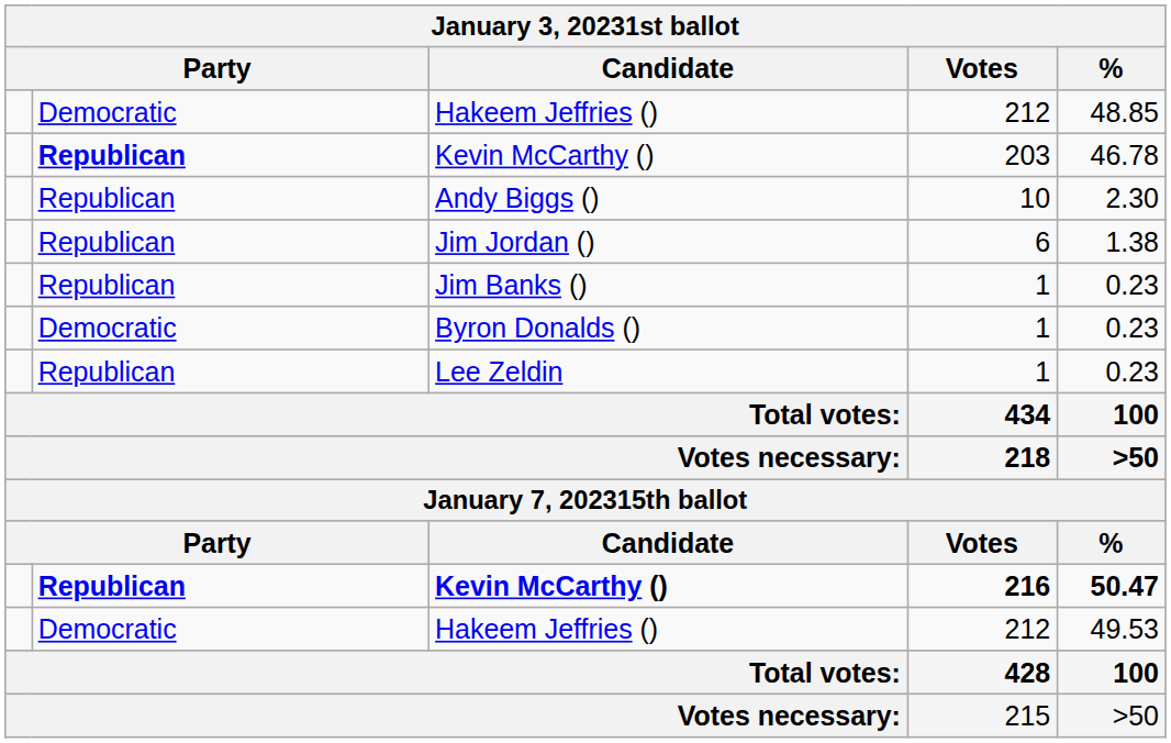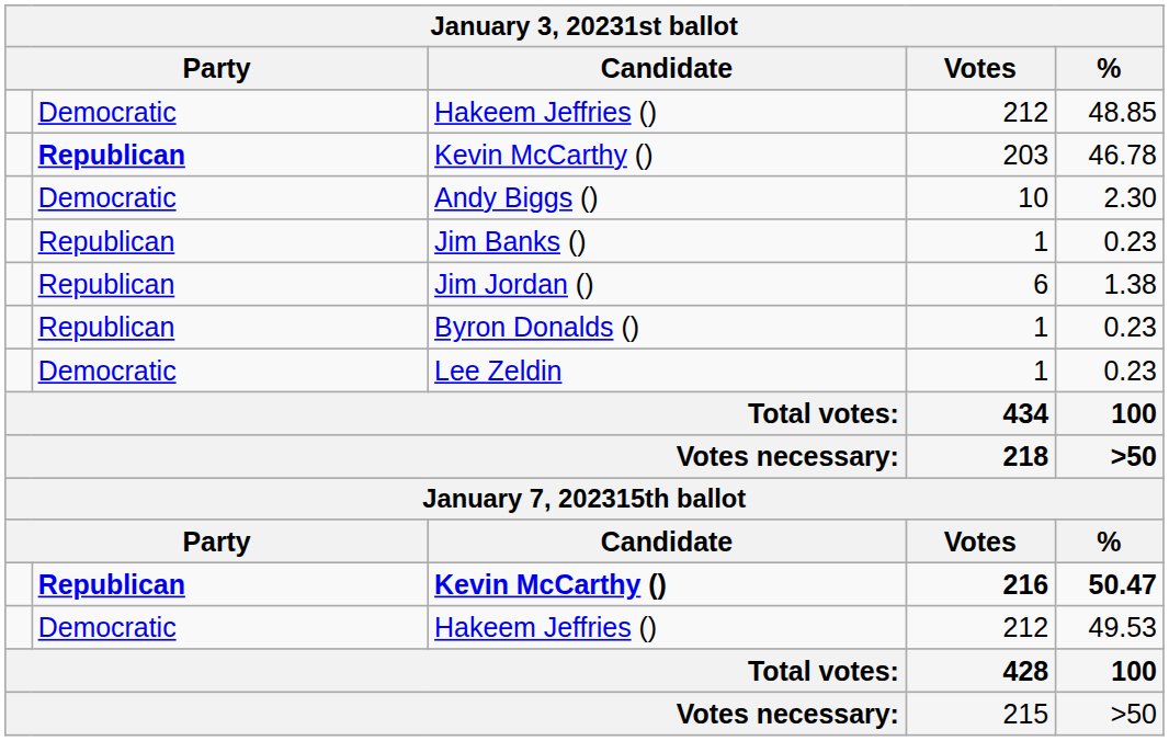 <table class="wikitable" style="margin-right:1em; font-size:95%">
 <tr>
 <th colspan=5 style="font-size:95%">January 3, 20231st ballot</th>
 </tr>
 <tr>
 <th scope="col" colspan="2" style="width: 15em">Party</th>
 <th scope="col" style="width: 17em">Candidate</th>
 <th scope="col" style="width: 5em">Votes</th>
 <th scope="col" style="width: 3.5em">%</th>
 </tr>
 <tr>
 <td style="width: 0.5em; background:"></td>
 <td><a href='#'>Democratic</a></td>
 <td><a href='#'>Hakeem Jeffries</a> ()</td>
 <td style="text-align:right">212</td>
 <td style="text-align:right">48.85</td>
 </tr>
 <tr>
 <td style="background:"></td>
 <td><strong><a href='#'>Republican</a></strong></td>
 <td><a href='#'>Kevin McCarthy</a> ()</td>
 <td style="text-align:right">203</td>
 <td style="text-align:right">46.78</td>
 </tr>
 <tr>
 <td style="background:"></td>
-<td><a href='#'>Republican</a></td>
+<td><a href='#'>Democratic</a></td>
 <td><a href='#'>Andy Biggs</a> ()</td>
 <td style="text-align:right">10</td>
 <td style="text-align:right">2.30</td>
+</tr>
+<tr>
+<td style="background:"></td>
+<td><a href='#'>Republican</a></td>
+<td><a href='#'>Jim Banks</a> ()</td>
+<td style="text-align:right">1</td>
+<td style="text-align:right">0.23</td>
 </tr>
 <tr>
 <td style="background:"></td>
 <td><a href='#'>Republican</a></td>
 <td><a href='#'>Jim Jordan</a> ()</td>
 <td style="text-align:right">6</td>
 <td style="text-align:right">1.38</td>
 </tr>
 <tr>
 <td style="background:"></td>
 <td><a href='#'>Republican</a></td>
-<td><a href='#'>Jim Banks</a> ()</td>
+<td><a href='#'>Byron Donalds</a> ()</td>
 <td style="text-align:right">1</td>
 <td style="text-align:right">0.23</td>
 </tr>
 <tr>
 <td style="background:"></td>
 <td><a href='#'>Democratic</a></td>
-<td><a href='#'>Byron Donalds</a> ()</td>
-<td style="text-align:right">1</td>
-<td style="text-align:right">0.23</td>
-</tr>
-<tr>
-<td style="background:"></td>
-<td><a href='#'>Republican</a></td>
 <td><a href='#'>Lee Zeldin</a></td>
 <td style="text-align:right">1</td>
 <td style="text-align:right">0.23</td>
 </tr>
 <tr>
 <th colspan=3 style="text-align:right">Total votes:</th>
 <td style="text-align:right; background:#f5f5f5"><strong>434</strong></td>
 <td style="text-align:right; background:#f5f5f5"><strong>100</strong></td>
 </tr>
 <tr>
 <th colspan=3 style="text-align:right">Votes necessary:</th>
 <td style="text-align:right; background:#f5f5f5"><strong>218</strong></td>
 <td style="text-align:right; background:#f5f5f5"><strong>>50</strong></td>
 </tr>
 <tr>
 <th colspan=5 style="font-size:95%">January 7, 202315th ballot</th>
 </tr>
 <tr>
 <th scope="col" colspan="2" style="width: 15em">Party</th>
 <th scope="col" style="width: 17em">Candidate</th>
 <th scope="col" style="width: 5em">Votes</th>
 <th scope="col" style="width: 3.5em">%</th>
 </tr>
 <tr>
 <td style="background:"></td>
 <td><strong><a href='#'>Republican</a></strong></td>
 <td><strong><a href='#'>Kevin McCarthy</a> ()</strong></td>
 <td style="text-align:right"><strong>216</strong></td>
 <td style="text-align:right"><strong>50.47</strong></td>
 </tr>
 <tr>
 <td style="background:"></td>
 <td><a href='#'>Democratic</a></td>
 <td><a href='#'>Hakeem Jeffries</a> ()</td>
 <td style="text-align:right">212</td>
 <td style="text-align:right">49.53</td>
 </tr>
 <tr>
 <th colspan=3 style="text-align:right">Total votes:</th>
 <td style="text-align:right; background:#f5f5f5"><strong>428</strong></td>
 <td style="text-align:right; background:#f5f5f5"><strong>100</strong></td>
 </tr>
 <tr>
 <th colspan=3 style="text-align:right">Votes necessary:</th>
 <td style="text-align:right; background:#f5f5f5">215</td>
 <td style="text-align:right; background:#f5f5f5">>50</td>
 </tr>
 </table>
